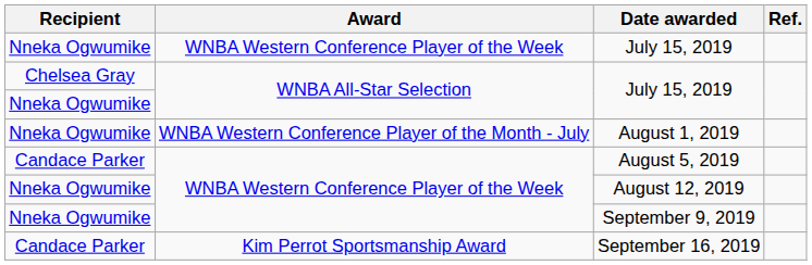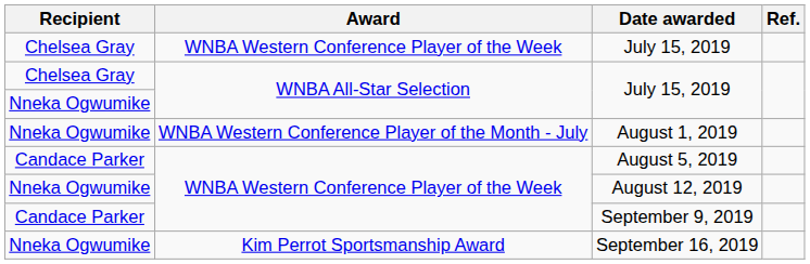 <table class="wikitable sortable sortable" style="text-align: center">
 <tr>
 <th>Recipient</th>
 <th>Award</th>
 <th>Date awarded</th>
 <th>Ref.</th>
 </tr>
 <tr>
-<td><a href='#'>Nneka Ogwumike</a></td>
+<td><a href='#'>Chelsea Gray</a></td>
 <td><a href='#'>WNBA Western Conference Player of the Week</a></td>
 <td>July 15, 2019</td>
 <td></td>
 </tr>
 <tr>
 <td><a href='#'>Chelsea Gray</a></td>
 <td rowspan=2><a href='#'>WNBA All-Star Selection</a></td>
 <td rowspan=2>July 15, 2019</td>
 <td rowspan=2></td>
 </tr>
 <tr>
 <td><a href='#'>Nneka Ogwumike</a></td>
 </tr>
 <tr>
 <td><a href='#'>Nneka Ogwumike</a></td>
 <td><a href='#'>WNBA Western Conference Player of the Month - July</a></td>
 <td>August 1, 2019</td>
 <td></td>
 </tr>
 <tr>
 <td><a href='#'>Candace Parker</a></td>
 <td rowspan=3><a href='#'>WNBA Western Conference Player of the Week</a></td>
 <td>August 5, 2019</td>
 <td></td>
 </tr>
 <tr>
 <td><a href='#'>Nneka Ogwumike</a></td>
 <td>August 12, 2019</td>
 <td></td>
 </tr>
 <tr>
-<td><a href='#'>Nneka Ogwumike</a></td>
+<td><a href='#'>Candace Parker</a></td>
 <td>September 9, 2019</td>
 <td></td>
 </tr>
 <tr>
-<td><a href='#'>Candace Parker</a></td>
+<td><a href='#'>Nneka Ogwumike</a></td>
 <td><a href='#'>Kim Perrot Sportsmanship Award</a></td>
 <td>September 16, 2019</td>
 <td></td>
 </tr>
 </table>
